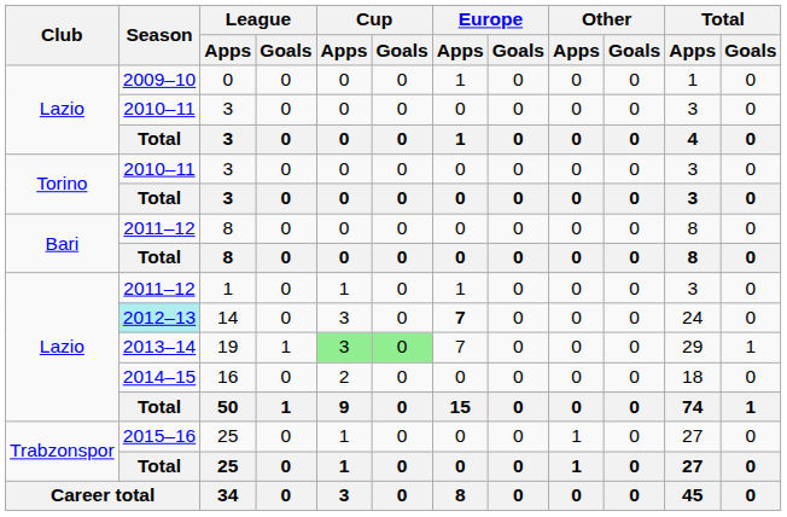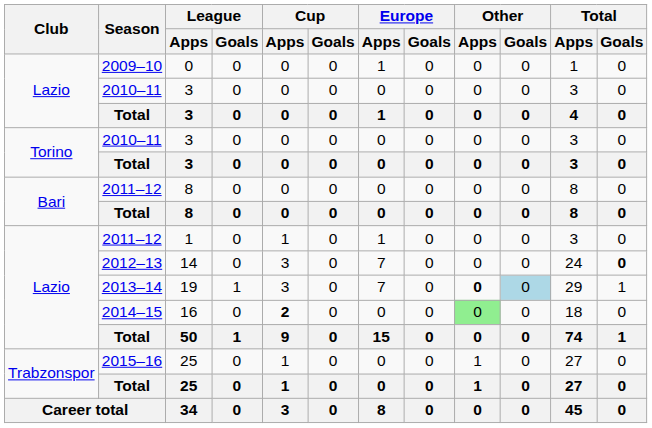 <table class="wikitable" style="text-align: center;">
 <tr>
 <th rowspan="2">Club</th>
 <th rowspan="2">Season</th>
 <th colspan="2">League</th>
 <th colspan="2">Cup</th>
 <th colspan="2"><a href='#'>Europe</a></th>
 <th colspan="2">Other</th>
 <th colspan="2">Total</th>
 </tr>
 <tr>
 <th>Apps</th>
 <th>Goals</th>
 <th>Apps</th>
 <th>Goals</th>
 <th>Apps</th>
 <th>Goals</th>
 <th>Apps</th>
 <th>Goals</th>
 <th>Apps</th>
 <th>Goals</th>
 </tr>
 <tr>
 <td rowspan="3"><a href='#'>Lazio</a></td>
 <td><a href='#'>2009–10</a></td>
 <td>0</td>
 <td>0</td>
 <td>0</td>
 <td>0</td>
 <td>1</td>
 <td>0</td>
 <td>0</td>
 <td>0</td>
 <td>1</td>
 <td>0</td>
 </tr>
 <tr>
 <td><a href='#'>2010–11</a></td>
 <td>3</td>
 <td>0</td>
 <td>0</td>
 <td>0</td>
 <td>0</td>
 <td>0</td>
 <td>0</td>
 <td>0</td>
 <td>3</td>
 <td>0</td>
 </tr>
 <tr>
 <th colspan="1">Total</th>
 <th>3</th>
 <th>0</th>
 <th>0</th>
 <th>0</th>
 <th>1</th>
 <th>0</th>
 <th>0</th>
 <th>0</th>
 <th>4</th>
 <th>0</th>
 </tr>
 <tr>
 <td rowspan="2"><a href='#'>Torino</a></td>
 <td><a href='#'>2010–11</a></td>
 <td>3</td>
 <td>0</td>
 <td>0</td>
 <td>0</td>
 <td>0</td>
 <td>0</td>
 <td>0</td>
 <td>0</td>
 <td>3</td>
 <td>0</td>
 </tr>
 <tr>
 <th colspan="1">Total</th>
 <th>3</th>
 <th>0</th>
 <th>0</th>
 <th>0</th>
 <th>0</th>
 <th>0</th>
 <th>0</th>
 <th>0</th>
 <th>3</th>
 <th>0</th>
 </tr>
 <tr>
 <td rowspan="2"><a href='#'>Bari</a></td>
 <td><a href='#'>2011–12</a></td>
 <td>8</td>
 <td>0</td>
 <td>0</td>
 <td>0</td>
 <td>0</td>
 <td>0</td>
 <td>0</td>
 <td>0</td>
 <td>8</td>
 <td>0</td>
 </tr>
 <tr>
 <th colspan="1">Total</th>
 <th>8</th>
 <th>0</th>
 <th>0</th>
 <th>0</th>
 <th>0</th>
 <th>0</th>
 <th>0</th>
 <th>0</th>
 <th>8</th>
 <th>0</th>
 </tr>
 <tr>
 <td rowspan="5"><a href='#'>Lazio</a></td>
 <td><a href='#'>2011–12</a></td>
 <td>1</td>
 <td>0</td>
 <td>1</td>
 <td>0</td>
 <td>1</td>
 <td>0</td>
 <td>0</td>
 <td>0</td>
 <td>3</td>
 <td>0</td>
 </tr>
 <tr>
-<td style="background: paleturquoise;"><a href='#'>2012–13</a></td>
+<td><a href='#'>2012–13</a></td>
 <td>14</td>
 <td>0</td>
 <td>3</td>
 <td>0</td>
-<td><strong>7</strong></td>
+<td>7</td>
 <td>0</td>
 <td>0</td>
 <td>0</td>
 <td>24</td>
-<td>0</td>
+<td><strong>0</strong></td>
 </tr>
 <tr>
 <td><a href='#'>2013–14</a></td>
 <td>19</td>
 <td>1</td>
-<td style="background: lightgreen;">3</td>
-<td style="background: lightgreen;">0</td>
+<td>3</td>
+<td>0</td>
 <td>7</td>
 <td>0</td>
-<td>0</td>
-<td>0</td>
+<td><strong>0</strong></td>
+<td style="background: lightblue;">0</td>
 <td>29</td>
 <td>1</td>
 </tr>
 <tr>
 <td><a href='#'>2014–15</a></td>
 <td>16</td>
 <td>0</td>
-<td>2</td>
+<td><strong>2</strong></td>
 <td>0</td>
 <td>0</td>
 <td>0</td>
-<td>0</td>
+<td style="background: lightgreen;">0</td>
 <td>0</td>
 <td>18</td>
 <td>0</td>
 </tr>
 <tr>
 <th colspan="1">Total</th>
 <th>50</th>
 <th>1</th>
 <th>9</th>
 <th>0</th>
 <th>15</th>
 <th>0</th>
 <th>0</th>
 <th>0</th>
 <th>74</th>
 <th>1</th>
 </tr>
 <tr>
 <td rowspan="2"><a href='#'>Trabzonspor</a></td>
 <td><a href='#'>2015–16</a></td>
 <td>25</td>
 <td>0</td>
 <td>1</td>
 <td>0</td>
 <td>0</td>
 <td>0</td>
 <td>1</td>
 <td>0</td>
 <td>27</td>
 <td>0</td>
 </tr>
 <tr>
 <th colspan="1">Total</th>
 <th>25</th>
 <th>0</th>
 <th>1</th>
 <th>0</th>
 <th>0</th>
 <th>0</th>
 <th>1</th>
 <th>0</th>
 <th>27</th>
 <th>0</th>
 </tr>
 <tr>
 <th colspan="2">Career total</th>
 <th>34</th>
 <th>0</th>
 <th>3</th>
 <th>0</th>
 <th>8</th>
 <th>0</th>
 <th>0</th>
 <th>0</th>
 <th>45</th>
 <th>0</th>
 </tr>
 </table>
